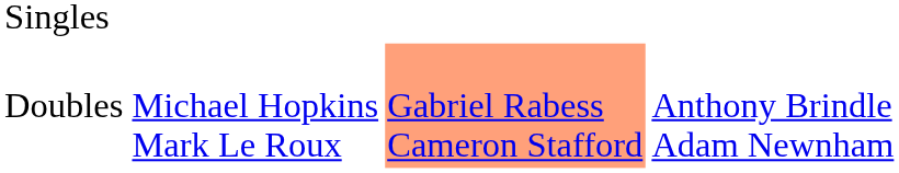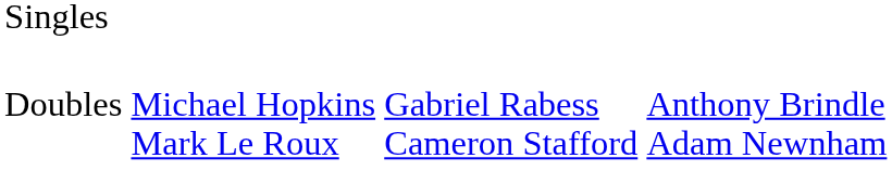 <table>
 <tr>
 <td>Singles</td>
 <td></td>
 <td></td>
 <td></td>
 </tr>
 <tr>
 <td>Doubles</td>
 <td><br><a href='#'>Michael Hopkins</a><br><a href='#'>Mark Le Roux</a></td>
-<td style="background: lightsalmon;"><br><a href='#'>Gabriel Rabess</a><br><a href='#'>Cameron Stafford</a></td>
+<td><br><a href='#'>Gabriel Rabess</a><br><a href='#'>Cameron Stafford</a></td>
 <td><br><a href='#'>Anthony Brindle</a><br><a href='#'>Adam Newnham</a></td>
 </tr>
 </table>
